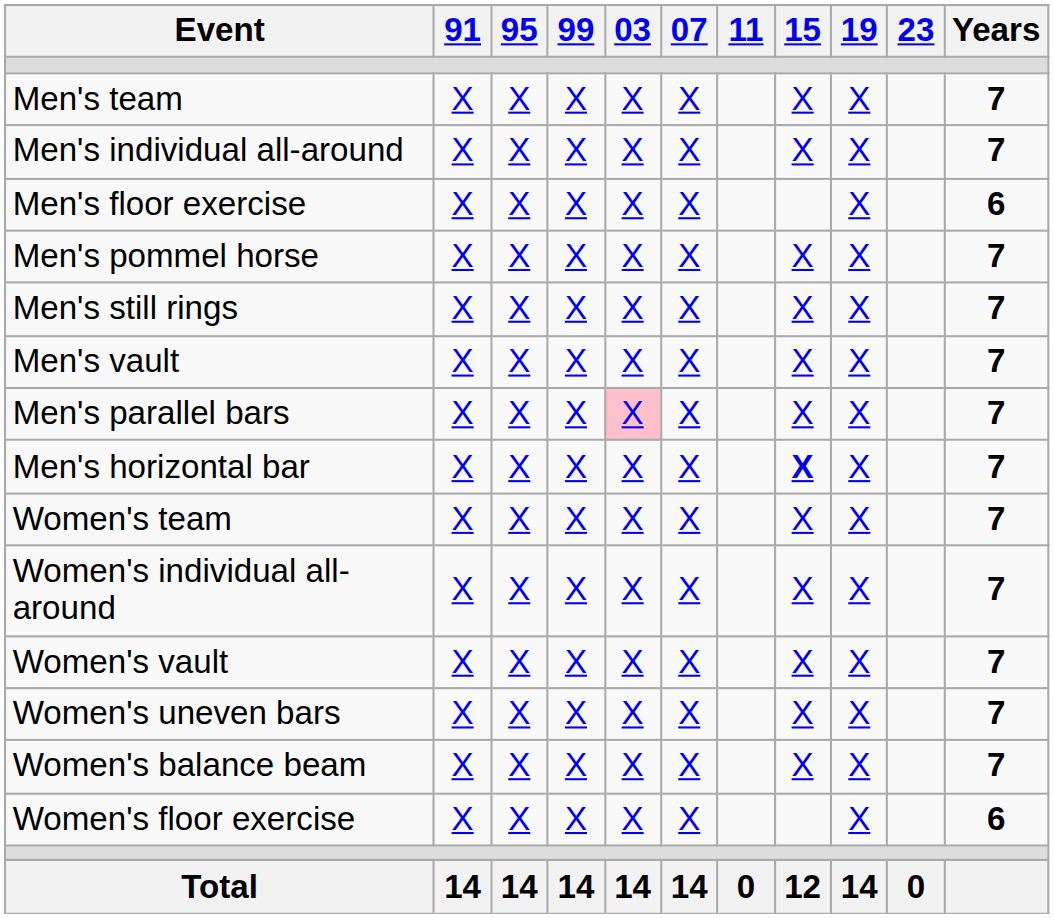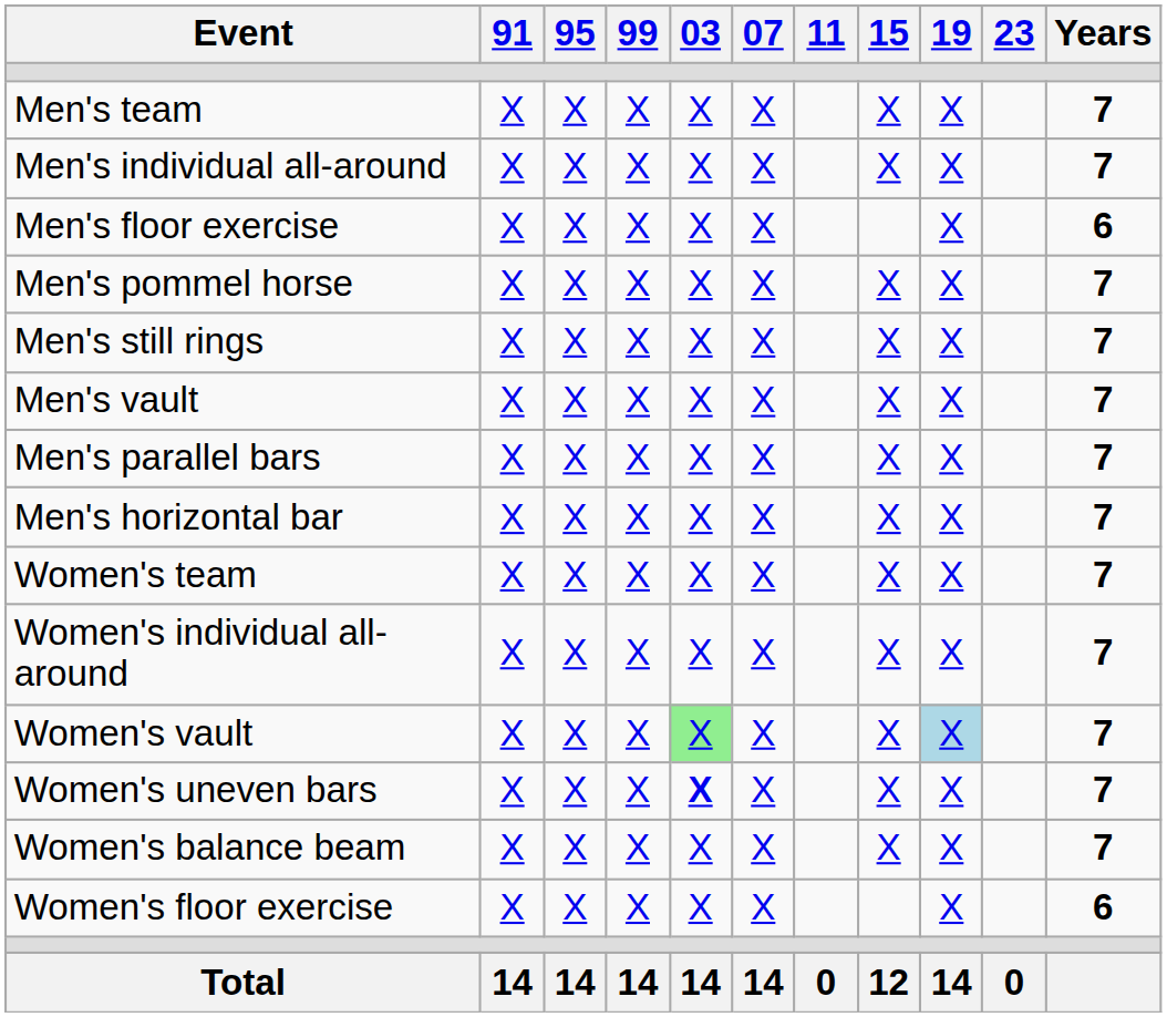 <table class="wikitable" style="text-align:center">
 <tr>
 <th width="200">Event</th>
 <th width=20><a href='#'>91</a></th>
 <th width=20><a href='#'>95</a></th>
 <th width=20><a href='#'>99</a></th>
 <th width=20><a href='#'>03</a></th>
 <th width=20><a href='#'>07</a></th>
 <th width=20><a href='#'>11</a></th>
 <th width=20><a href='#'>15</a></th>
 <th width=20><a href='#'>19</a></th>
 <th width=20><a href='#'>23</a></th>
 <th width=40>Years</th>
 </tr>
 <tr bgcolor=#DDDDDD>
 <td colspan=31></td>
 </tr>
 <tr>
 <td align=left>Men's team</td>
 <td><a href='#'>X</a></td>
 <td><a href='#'>X</a></td>
 <td><a href='#'>X</a></td>
 <td><a href='#'>X</a></td>
 <td><a href='#'>X</a></td>
 <td></td>
 <td><a href='#'>X</a></td>
 <td><a href='#'>X</a></td>
 <td></td>
 <td><strong>7</strong></td>
 </tr>
 <tr>
 <td align=left>Men's individual all-around</td>
 <td><a href='#'>X</a></td>
 <td><a href='#'>X</a></td>
 <td><a href='#'>X</a></td>
 <td><a href='#'>X</a></td>
 <td><a href='#'>X</a></td>
 <td></td>
 <td><a href='#'>X</a></td>
 <td><a href='#'>X</a></td>
 <td></td>
 <td><strong>7</strong></td>
 </tr>
 <tr>
 <td align=left>Men's floor exercise</td>
 <td><a href='#'>X</a></td>
 <td><a href='#'>X</a></td>
 <td><a href='#'>X</a></td>
 <td><a href='#'>X</a></td>
 <td><a href='#'>X</a></td>
 <td></td>
 <td></td>
 <td><a href='#'>X</a></td>
 <td></td>
 <td><strong>6</strong></td>
 </tr>
 <tr>
 <td align=left>Men's pommel horse</td>
 <td><a href='#'>X</a></td>
 <td><a href='#'>X</a></td>
 <td><a href='#'>X</a></td>
 <td><a href='#'>X</a></td>
 <td><a href='#'>X</a></td>
 <td></td>
 <td><a href='#'>X</a></td>
 <td><a href='#'>X</a></td>
 <td></td>
 <td><strong>7</strong></td>
 </tr>
 <tr>
 <td align=left>Men's still rings</td>
 <td><a href='#'>X</a></td>
 <td><a href='#'>X</a></td>
 <td><a href='#'>X</a></td>
 <td><a href='#'>X</a></td>
 <td><a href='#'>X</a></td>
 <td></td>
 <td><a href='#'>X</a></td>
 <td><a href='#'>X</a></td>
 <td></td>
 <td><strong>7</strong></td>
 </tr>
 <tr>
 <td align=left>Men's vault</td>
 <td><a href='#'>X</a></td>
 <td><a href='#'>X</a></td>
 <td><a href='#'>X</a></td>
 <td><a href='#'>X</a></td>
 <td><a href='#'>X</a></td>
 <td></td>
 <td><a href='#'>X</a></td>
 <td><a href='#'>X</a></td>
 <td></td>
 <td><strong>7</strong></td>
 </tr>
 <tr>
 <td align=left>Men's parallel bars</td>
 <td><a href='#'>X</a></td>
 <td><a href='#'>X</a></td>
 <td><a href='#'>X</a></td>
-<td style="background: pink;"><a href='#'>X</a></td>
+<td><a href='#'>X</a></td>
 <td><a href='#'>X</a></td>
 <td></td>
 <td><a href='#'>X</a></td>
 <td><a href='#'>X</a></td>
 <td></td>
 <td><strong>7</strong></td>
 </tr>
 <tr>
 <td align=left>Men's horizontal bar</td>
 <td><a href='#'>X</a></td>
 <td><a href='#'>X</a></td>
 <td><a href='#'>X</a></td>
 <td><a href='#'>X</a></td>
 <td><a href='#'>X</a></td>
 <td></td>
-<td><strong><a href='#'>X</a></strong></td>
+<td><a href='#'>X</a></td>
 <td><a href='#'>X</a></td>
 <td></td>
 <td><strong>7</strong></td>
 </tr>
 <tr>
 <td align=left>Women's team</td>
 <td><a href='#'>X</a></td>
 <td><a href='#'>X</a></td>
 <td><a href='#'>X</a></td>
 <td><a href='#'>X</a></td>
 <td><a href='#'>X</a></td>
 <td></td>
 <td><a href='#'>X</a></td>
 <td><a href='#'>X</a></td>
 <td></td>
 <td><strong>7</strong></td>
 </tr>
 <tr>
 <td align=left>Women's individual all-around</td>
 <td><a href='#'>X</a></td>
 <td><a href='#'>X</a></td>
 <td><a href='#'>X</a></td>
 <td><a href='#'>X</a></td>
 <td><a href='#'>X</a></td>
 <td></td>
 <td><a href='#'>X</a></td>
 <td><a href='#'>X</a></td>
 <td></td>
 <td><strong>7</strong></td>
 </tr>
 <tr>
 <td align=left>Women's vault</td>
 <td><a href='#'>X</a></td>
 <td><a href='#'>X</a></td>
 <td><a href='#'>X</a></td>
-<td><a href='#'>X</a></td>
+<td style="background: lightgreen;"><a href='#'>X</a></td>
 <td><a href='#'>X</a></td>
 <td></td>
 <td><a href='#'>X</a></td>
-<td><a href='#'>X</a></td>
+<td style="background: lightblue;"><a href='#'>X</a></td>
 <td></td>
 <td><strong>7</strong></td>
 </tr>
 <tr>
 <td align=left>Women's uneven bars</td>
 <td><a href='#'>X</a></td>
 <td><a href='#'>X</a></td>
 <td><a href='#'>X</a></td>
-<td><a href='#'>X</a></td>
+<td><strong><a href='#'>X</a></strong></td>
 <td><a href='#'>X</a></td>
 <td></td>
 <td><a href='#'>X</a></td>
 <td><a href='#'>X</a></td>
 <td></td>
 <td><strong>7</strong></td>
 </tr>
 <tr>
 <td align=left>Women's balance beam</td>
 <td><a href='#'>X</a></td>
 <td><a href='#'>X</a></td>
 <td><a href='#'>X</a></td>
 <td><a href='#'>X</a></td>
 <td><a href='#'>X</a></td>
 <td></td>
 <td><a href='#'>X</a></td>
 <td><a href='#'>X</a></td>
 <td></td>
 <td><strong>7</strong></td>
 </tr>
 <tr>
 <td align=left>Women's floor exercise</td>
 <td><a href='#'>X</a></td>
 <td><a href='#'>X</a></td>
 <td><a href='#'>X</a></td>
 <td><a href='#'>X</a></td>
 <td><a href='#'>X</a></td>
 <td></td>
 <td></td>
 <td><a href='#'>X</a></td>
 <td></td>
 <td><strong>6</strong></td>
 </tr>
 <tr bgcolor=#DDDDDD>
 <td colspan=14></td>
 </tr>
 <tr>
 <th>Total</th>
 <th>14</th>
 <th>14</th>
 <th>14</th>
 <th>14</th>
 <th>14</th>
 <th>0</th>
 <th>12</th>
 <th>14</th>
 <th>0</th>
 <th></th>
 </tr>
 </table>
